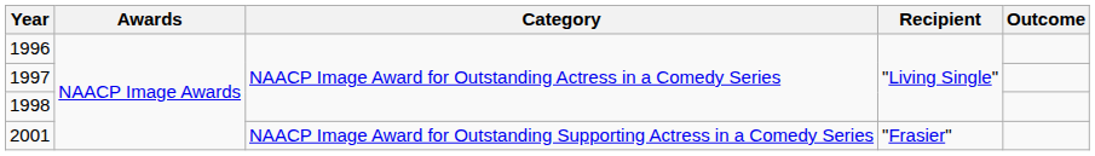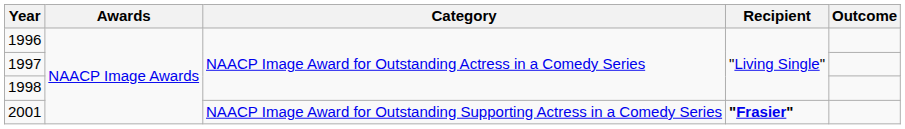 <table class="wikitable sortable">
 <tr>
 <th>Year</th>
 <th>Awards</th>
 <th>Category</th>
 <th>Recipient</th>
 <th>Outcome</th>
 </tr>
 <tr>
 <td>1996</td>
 <td rowspan=4><a href='#'>NAACP Image Awards</a></td>
 <td rowspan=3><a href='#'>NAACP Image Award for Outstanding Actress in a Comedy Series</a></td>
 <td rowspan=3>"<a href='#'>Living Single</a>"</td>
 <td></td>
 </tr>
 <tr>
 <td>1997</td>
 <td></td>
 </tr>
 <tr>
 <td>1998</td>
 <td></td>
 </tr>
 <tr>
 <td>2001</td>
 <td><a href='#'>NAACP Image Award for Outstanding Supporting Actress in a Comedy Series</a></td>
-<td>"<a href='#'>Frasier</a>"</td>
+<td><strong>"<a href='#'>Frasier</a>"</strong></td>
 <td></td>
 </tr>
 </table>
